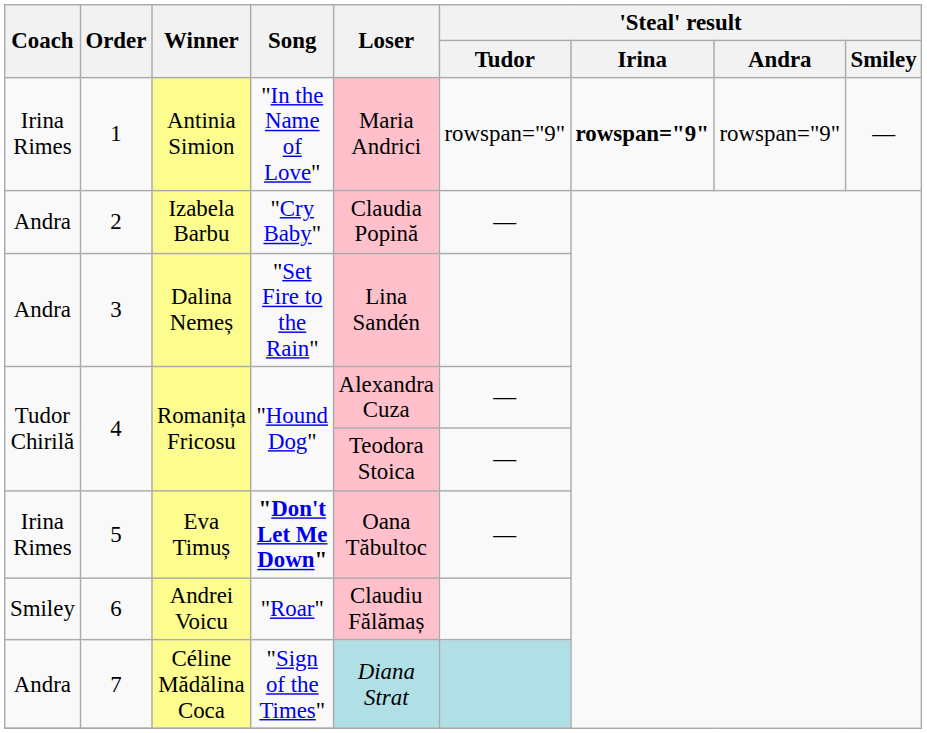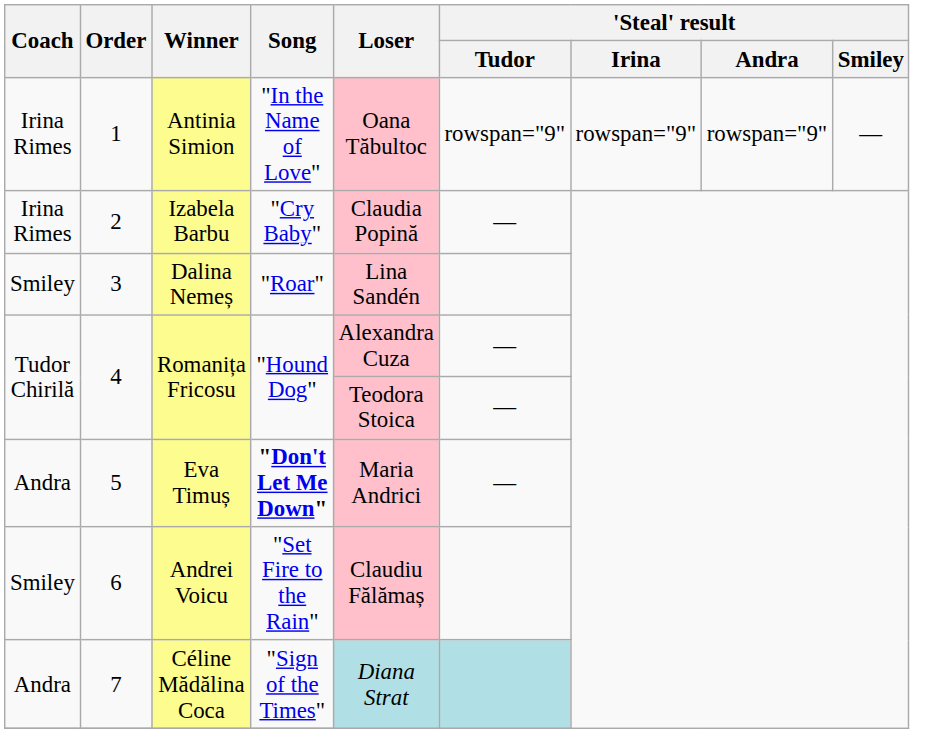 <table class="wikitable" style="text-align: center; width:100%;">
 <tr>
 <th rowspan="2" style="width:11%;">Coach</th>
 <th rowspan="2" style="width:05%;">Order</th>
 <th rowspan="2" style="width:16%;">Winner</th>
 <th rowspan="2" style="width:23%;">Song</th>
 <th rowspan="2" style="width:16%;">Loser</th>
 <th colspan="4" style="width:28%;">'Steal' result</th>
 </tr>
 <tr>
 <th style="width:07%;">Tudor</th>
 <th style="width:07%;">Irina</th>
 <th style="width:07%;">Andra</th>
 <th style="width:07%;">Smiley</th>
 </tr>
 <tr>
 <td>Irina Rimes</td>
 <td>1</td>
 <td bgcolor="#fdfc8f">Antinia Simion</td>
 <td>"<a href='#'>In the Name of Love</a>"</td>
-<td bgcolor="pink">Maria Andrici</td>
+<td bgcolor="pink">Oana Tăbultoc</td>
 <td>rowspan="9" </td>
-<td><strong>rowspan="9" </strong></td>
+<td>rowspan="9" </td>
 <td>rowspan="9" </td>
 <td>—</td>
 </tr>
 <tr>
-<td>Andra</td>
+<td>Irina Rimes</td>
 <td>2</td>
 <td bgcolor="#fdfc8f">Izabela Barbu</td>
 <td>"<a href='#'>Cry Baby</a>"</td>
 <td bgcolor="pink">Claudia Popină</td>
 <td>—</td>
 </tr>
 <tr>
-<td>Andra</td>
+<td>Smiley</td>
 <td>3</td>
 <td bgcolor="#fdfc8f">Dalina Nemeș</td>
-<td>"<a href='#'>Set Fire to the Rain</a>"</td>
+<td>"<a href='#'>Roar</a>"</td>
 <td bgcolor="pink">Lina Sandén</td>
 <td></td>
 </tr>
 <tr>
 <td rowspan="2">Tudor Chirilă</td>
 <td rowspan="2">4</td>
 <td rowspan="2" bgcolor="#fdfc8f">Romanița Fricosu</td>
 <td rowspan="2">"<a href='#'>Hound Dog</a>"</td>
 <td bgcolor="pink">Alexandra Cuza</td>
 <td>—</td>
 </tr>
 <tr>
 <td bgcolor="pink">Teodora Stoica</td>
 <td>—</td>
 </tr>
 <tr>
-<td>Irina Rimes</td>
+<td>Andra</td>
 <td>5</td>
 <td bgcolor="#fdfc8f">Eva Timuș</td>
 <td><strong>"<a href='#'>Don't Let Me Down</a>"</strong></td>
-<td bgcolor="pink">Oana Tăbultoc</td>
+<td bgcolor="pink">Maria Andrici</td>
 <td>—</td>
 </tr>
 <tr>
 <td>Smiley</td>
 <td>6</td>
 <td bgcolor="#fdfc8f">Andrei Voicu</td>
-<td>"<a href='#'>Roar</a>"</td>
+<td>"<a href='#'>Set Fire to the Rain</a>"</td>
 <td bgcolor="pink">Claudiu Fălămaș</td>
 <td></td>
 </tr>
 <tr>
 <td>Andra</td>
 <td>7</td>
 <td bgcolor="#fdfc8f">Céline Mădălina Coca</td>
 <td>"<a href='#'>Sign of the Times</a>"</td>
 <td bgcolor="#b0e0e6"><em>Diana Strat</em></td>
 <td bgcolor="#b0e0e6"><strong></strong></td>
 </tr>
 <tr>
 </tr>
 </table>
